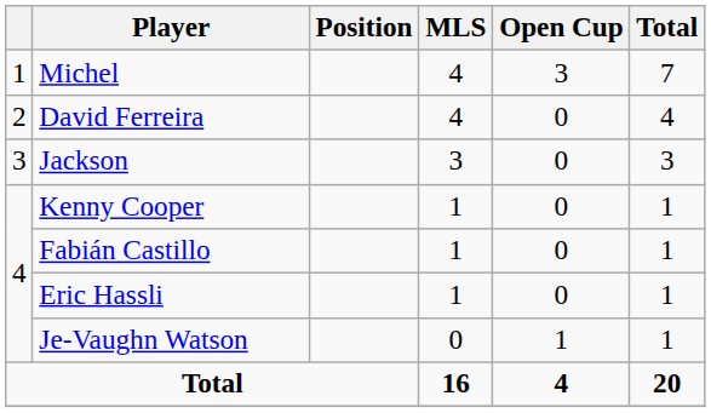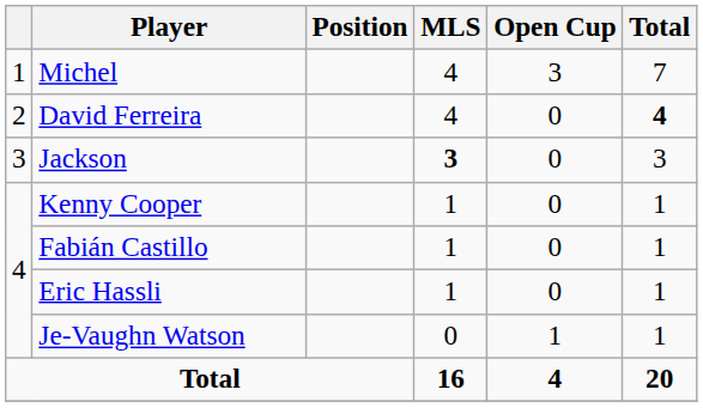 <table class="wikitable">
 <tr>
 <th></th>
 <th style="width:150px;">Player</th>
 <th>Position</th>
 <th>MLS</th>
 <th>Open Cup</th>
 <th>Total</th>
 </tr>
 <tr>
 <td align=center rowspan= 1>1</td>
 <td> <a href='#'>Michel</a></td>
 <td align=center></td>
 <td align=center>4</td>
 <td align=center>3</td>
 <td align=center>7</td>
 </tr>
 <tr>
 <td align=center rowspan= 1>2</td>
 <td> <a href='#'>David Ferreira</a></td>
 <td align=center></td>
 <td align=center>4</td>
 <td align=center>0</td>
-<td align=center>4</td>
+<td align=center><strong>4</strong></td>
 </tr>
 <tr>
 <td align=center rowspan= 1>3</td>
 <td> <a href='#'>Jackson</a></td>
 <td align=center></td>
-<td align=center>3</td>
+<td align=center><strong>3</strong></td>
 <td align=center>0</td>
 <td align=center>3</td>
 </tr>
 <tr>
 <td align=center rowspan= 4>4</td>
 <td> <a href='#'>Kenny Cooper</a></td>
 <td align=center></td>
 <td align=center>1</td>
 <td align=center>0</td>
 <td align=center>1</td>
 </tr>
 <tr>
 <td> <a href='#'>Fabián Castillo</a></td>
 <td align=center></td>
 <td align=center>1</td>
 <td align=center>0</td>
 <td align=center>1</td>
 </tr>
 <tr>
 <td> <a href='#'>Eric Hassli</a></td>
 <td align=center></td>
 <td align=center>1</td>
 <td align=center>0</td>
 <td align=center>1</td>
 </tr>
 <tr>
 <td> <a href='#'>Je-Vaughn Watson</a></td>
 <td align=center></td>
 <td align=center>0</td>
 <td align=center>1</td>
 <td align=center>1</td>
 </tr>
 <tr>
 <td align=center colspan=3><strong>Total</strong></td>
 <td align=center><strong>16</strong></td>
 <td align=center><strong>4</strong></td>
 <td align=center><strong>20</strong></td>
 </tr>
 <tr>
 </tr>
 </table>
